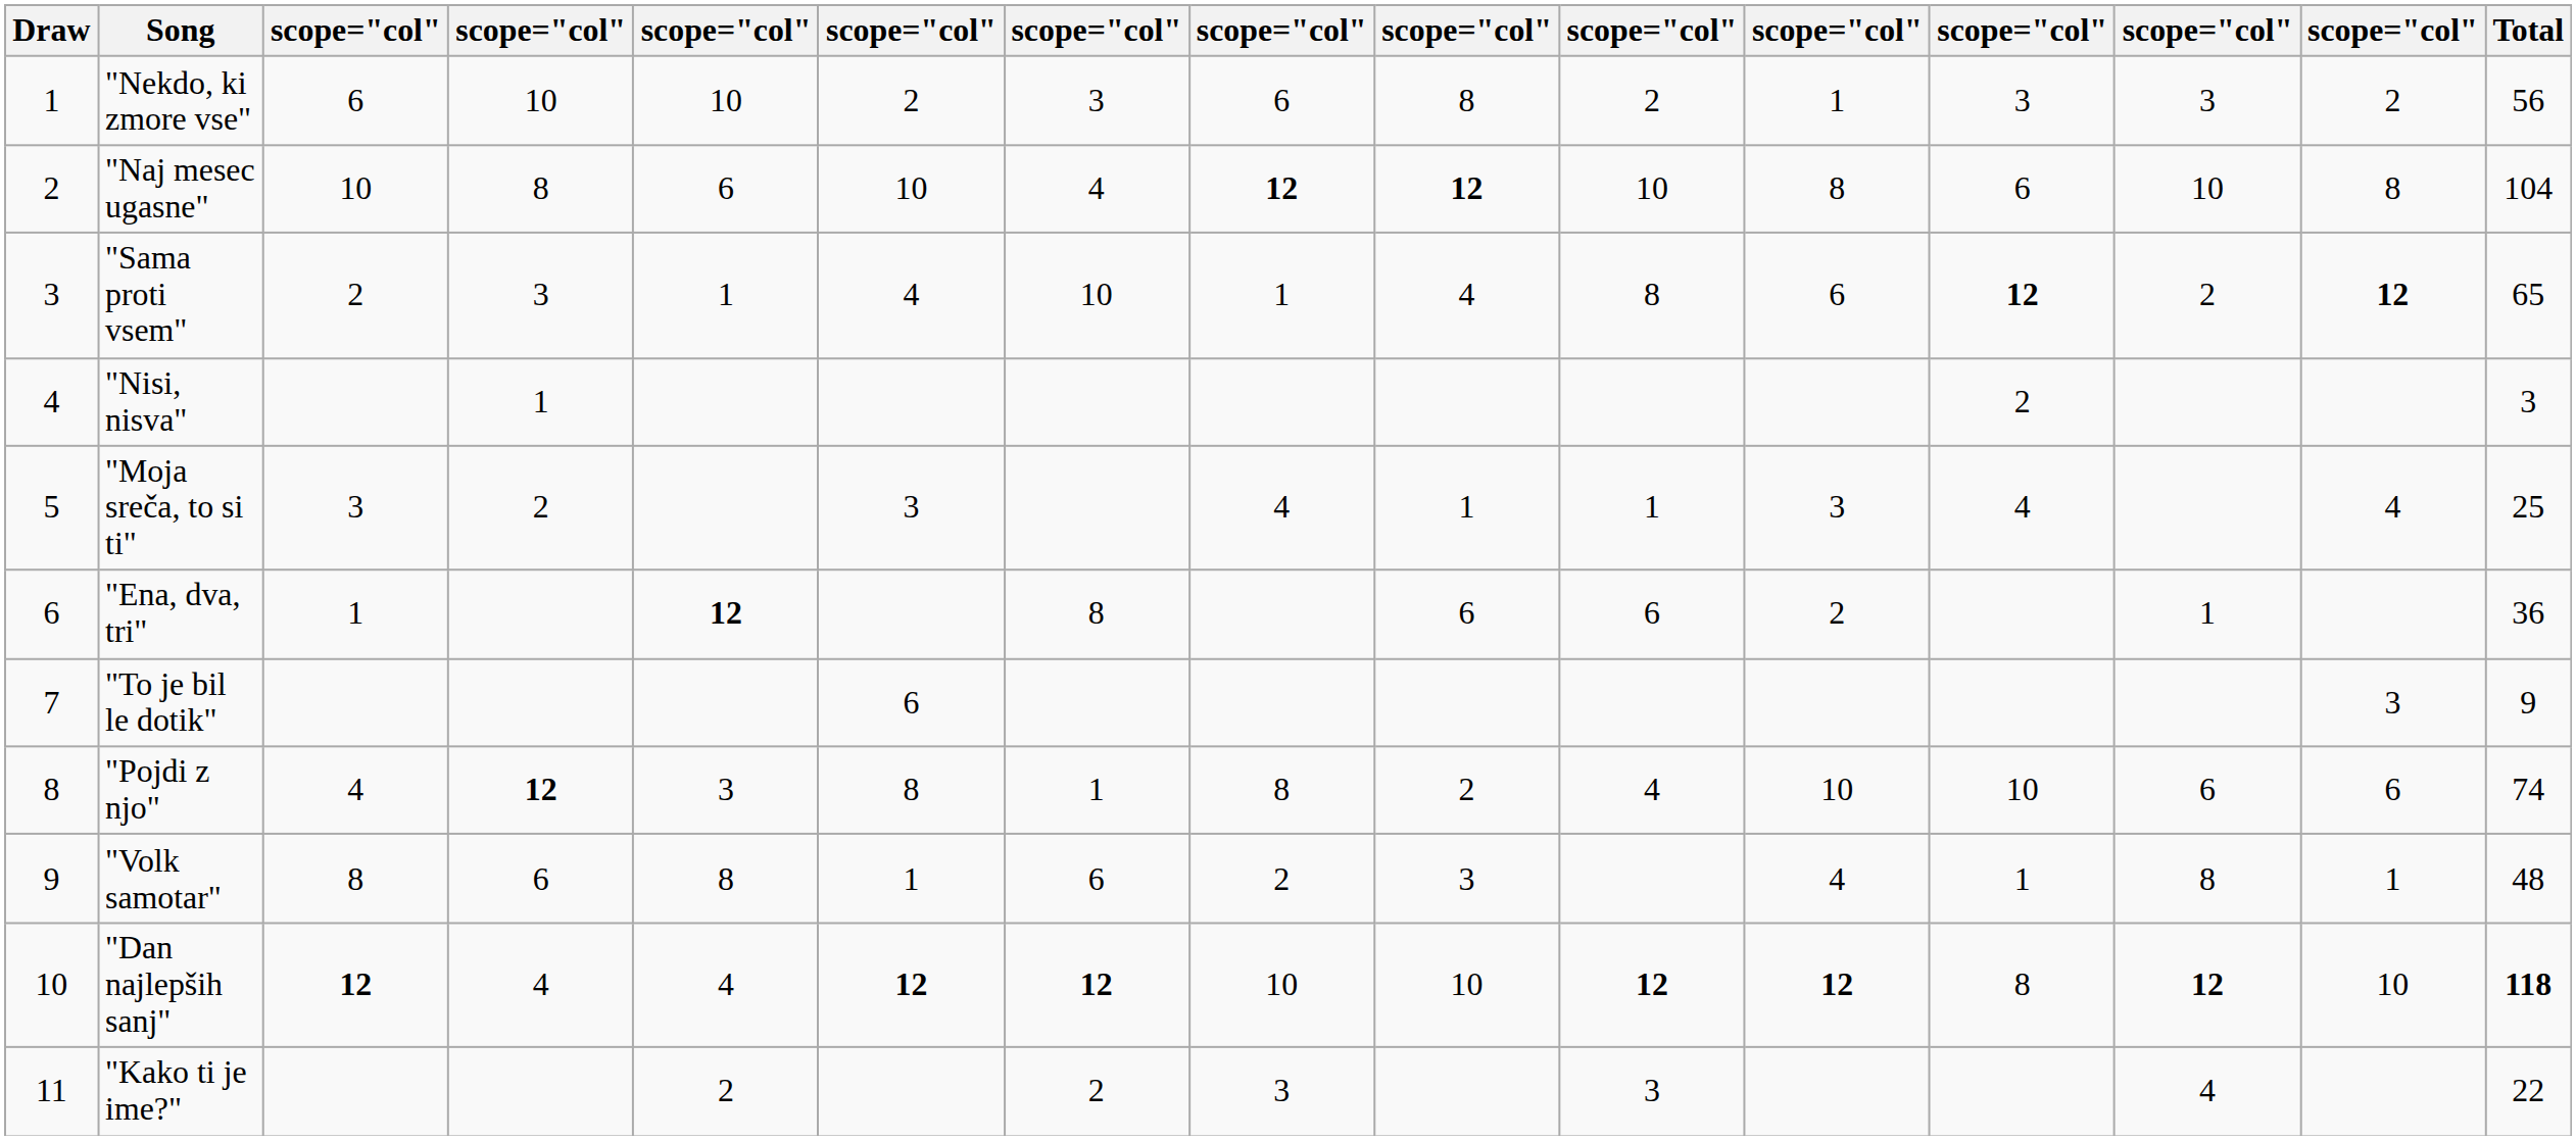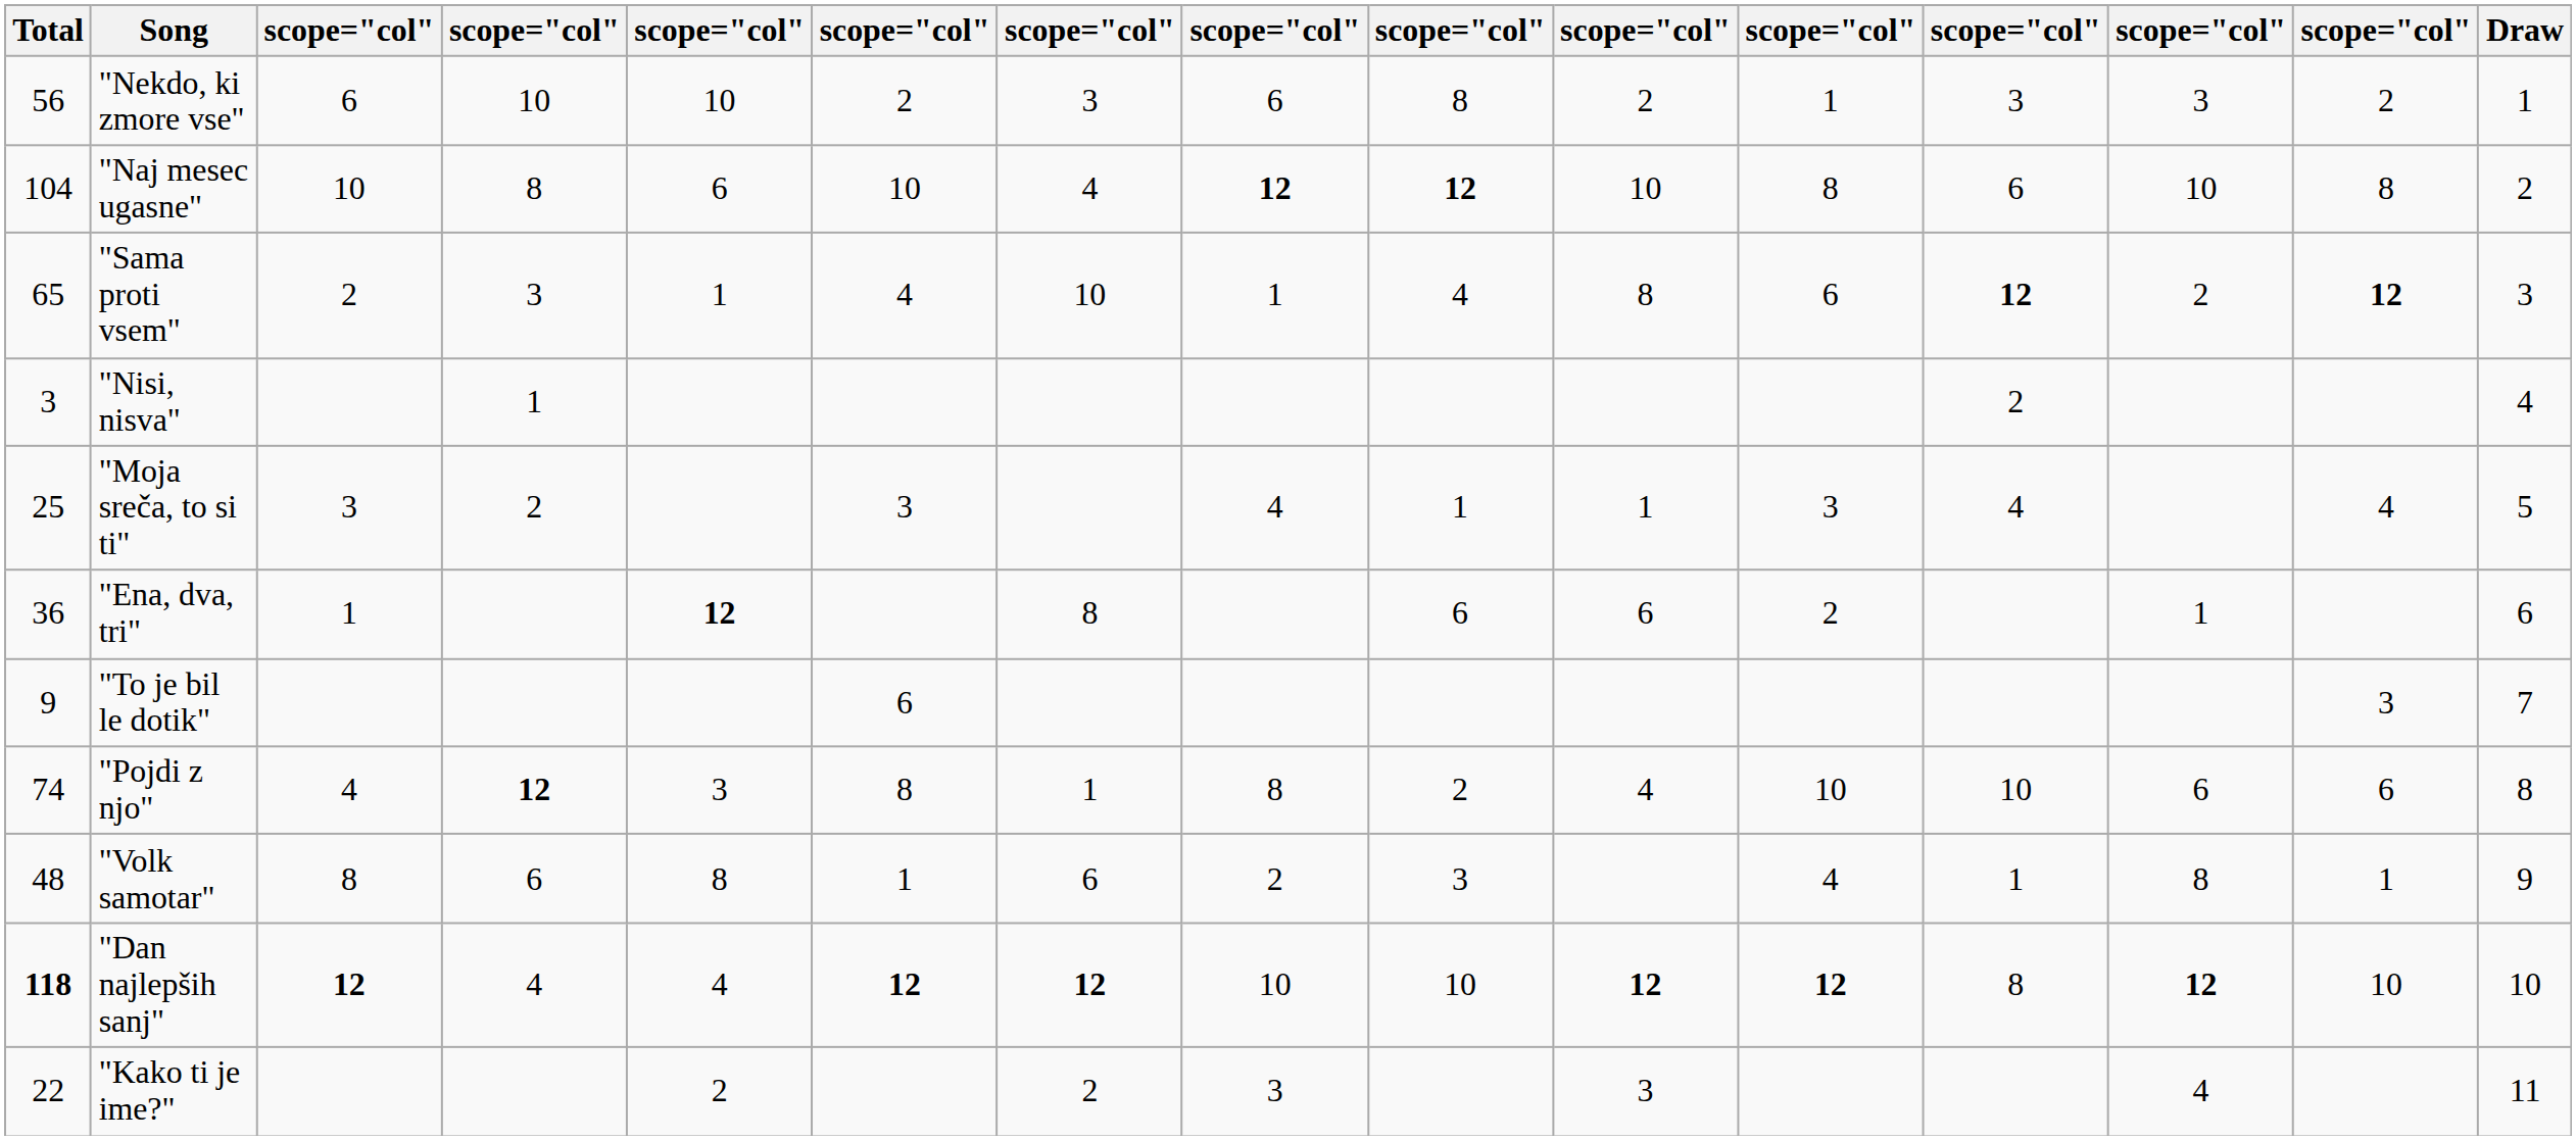 <table class="wikitable plainrowheaders" style="margin: 1em auto 1em auto; text-align:center;">
 <tr>
-<th scope="col">Draw</th>
+<th scope="col">Total</th>
 <th scope="col">Song</th>
 <th>scope="col" </th>
 <th>scope="col" </th>
 <th>scope="col" </th>
 <th>scope="col" </th>
 <th>scope="col" </th>
 <th>scope="col" </th>
 <th>scope="col" </th>
 <th>scope="col" </th>
 <th>scope="col" </th>
 <th>scope="col" </th>
 <th>scope="col" </th>
 <th>scope="col" </th>
-<th scope="col">Total</th>
+<th scope="col">Draw</th>
 </tr>
 <tr --->
-<td>1</td>
+<td>56</td>
 <td align="left">"Nekdo, ki zmore vse"</td>
 <td>6</td>
 <td>10</td>
 <td>10</td>
 <td>2</td>
 <td>3</td>
 <td>6</td>
 <td>8</td>
 <td>2</td>
 <td>1</td>
 <td>3</td>
 <td>3</td>
 <td>2</td>
-<td>56</td>
+<td>1</td>
 </tr>
 <tr --->
-<td>2</td>
+<td>104</td>
 <td align="left">"Naj mesec ugasne"</td>
 <td>10</td>
 <td>8</td>
 <td>6</td>
 <td>10</td>
 <td>4</td>
 <td><strong>12</strong></td>
 <td><strong>12</strong></td>
 <td>10</td>
 <td>8</td>
 <td>6</td>
 <td>10</td>
 <td>8</td>
-<td>104</td>
+<td>2</td>
 </tr>
 <tr --->
-<td>3</td>
+<td>65</td>
 <td align="left">"Sama proti vsem"</td>
 <td>2</td>
 <td>3</td>
 <td>1</td>
 <td>4</td>
 <td>10</td>
 <td>1</td>
 <td>4</td>
 <td>8</td>
 <td>6</td>
 <td><strong>12</strong></td>
 <td>2</td>
 <td><strong>12</strong></td>
-<td>65</td>
+<td>3</td>
 </tr>
 <tr --->
-<td>4</td>
+<td>3</td>
 <td align="left">"Nisi, nisva"</td>
 <td></td>
 <td>1</td>
 <td></td>
 <td></td>
 <td></td>
 <td></td>
 <td></td>
 <td></td>
 <td></td>
 <td>2</td>
 <td></td>
 <td></td>
-<td>3</td>
+<td>4</td>
 </tr>
 <tr --->
-<td>5</td>
+<td>25</td>
 <td align="left">"Moja sreča, to si ti"</td>
 <td>3</td>
 <td>2</td>
 <td></td>
 <td>3</td>
 <td></td>
 <td>4</td>
 <td>1</td>
 <td>1</td>
 <td>3</td>
 <td>4</td>
 <td></td>
 <td>4</td>
-<td>25</td>
+<td>5</td>
 </tr>
 <tr --->
-<td>6</td>
+<td>36</td>
 <td align="left">"Ena, dva, tri"</td>
 <td>1</td>
 <td></td>
 <td><strong>12</strong></td>
 <td></td>
 <td>8</td>
 <td></td>
 <td>6</td>
 <td>6</td>
 <td>2</td>
 <td></td>
 <td>1</td>
 <td></td>
-<td>36</td>
+<td>6</td>
 </tr>
 <tr --->
-<td>7</td>
+<td>9</td>
 <td align="left">"To je bil le dotik"</td>
 <td></td>
 <td></td>
 <td></td>
 <td>6</td>
 <td></td>
 <td></td>
 <td></td>
 <td></td>
 <td></td>
 <td></td>
 <td></td>
 <td>3</td>
-<td>9</td>
+<td>7</td>
 </tr>
 <tr --->
-<td>8</td>
+<td>74</td>
 <td align="left">"Pojdi z njo"</td>
 <td>4</td>
 <td><strong>12</strong></td>
 <td>3</td>
 <td>8</td>
 <td>1</td>
 <td>8</td>
 <td>2</td>
 <td>4</td>
 <td>10</td>
 <td>10</td>
 <td>6</td>
 <td>6</td>
-<td>74</td>
+<td>8</td>
 </tr>
 <tr --->
-<td>9</td>
+<td>48</td>
 <td align="left">"Volk samotar"</td>
 <td>8</td>
 <td>6</td>
 <td>8</td>
 <td>1</td>
 <td>6</td>
 <td>2</td>
 <td>3</td>
 <td></td>
 <td>4</td>
 <td>1</td>
 <td>8</td>
 <td>1</td>
-<td>48</td>
+<td>9</td>
 </tr>
 <tr --->
-<td>10</td>
+<td><strong>118</strong></td>
 <td align="left">"Dan najlepših sanj"</td>
 <td><strong>12</strong></td>
 <td>4</td>
 <td>4</td>
 <td><strong>12</strong></td>
 <td><strong>12</strong></td>
 <td>10</td>
 <td>10</td>
 <td><strong>12</strong></td>
 <td><strong>12</strong></td>
 <td>8</td>
 <td><strong>12</strong></td>
 <td>10</td>
-<td><strong>118</strong></td>
+<td>10</td>
 </tr>
 <tr --->
-<td>11</td>
+<td>22</td>
 <td align="left">"Kako ti je ime?"</td>
 <td></td>
 <td></td>
 <td>2</td>
 <td></td>
 <td>2</td>
 <td>3</td>
 <td></td>
 <td>3</td>
 <td></td>
 <td></td>
 <td>4</td>
 <td></td>
-<td>22</td>
+<td>11</td>
 </tr>
 </table>
